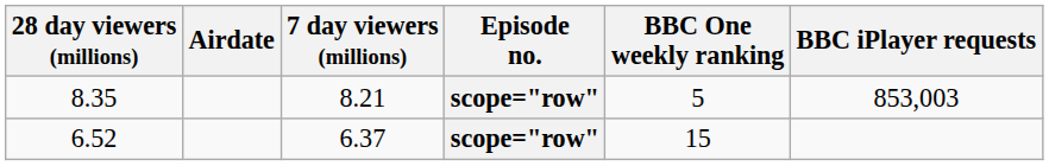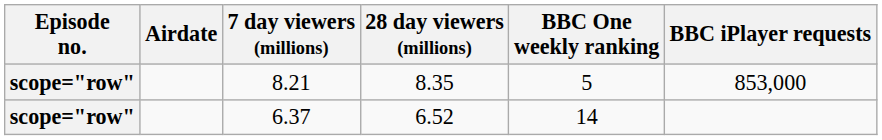 <table class="wikitable" style="text-align:center;">
 <tr>
-<th scope="col">28 day viewers<br><small>(millions)</small></th>
+<th scope="col">Episode<br>no.</th>
 <th scope="col">Airdate</th>
 <th scope="col">7 day viewers<br><small>(millions)</small></th>
-<th scope="col">Episode<br>no.</th>
+<th scope="col">28 day viewers<br><small>(millions)</small></th>
 <th scope="col">BBC One<br>weekly ranking</th>
 <th scope="col">BBC iPlayer requests</th>
 </tr>
 <tr>
-<td>8.35</td>
+<th>scope="row" </th>
 <td></td>
 <td>8.21</td>
-<th>scope="row" </th>
+<td>8.35</td>
 <td>5</td>
-<td>853,003</td>
+<td>853,000</td>
 </tr>
 <tr>
-<td>6.52</td>
+<th>scope="row" </th>
 <td></td>
 <td>6.37</td>
-<th>scope="row" </th>
-<td>15</td>
+<td>6.52</td>
+<td>14</td>
 <td></td>
 </tr>
 </table>
